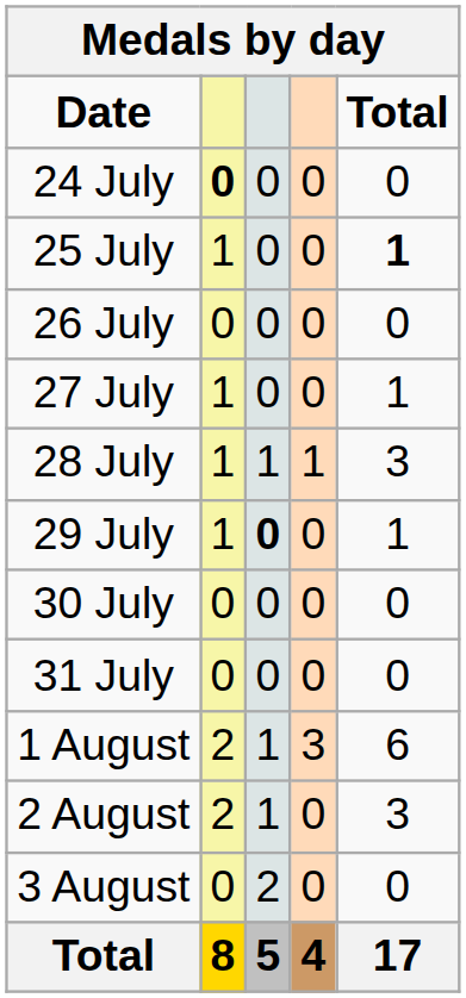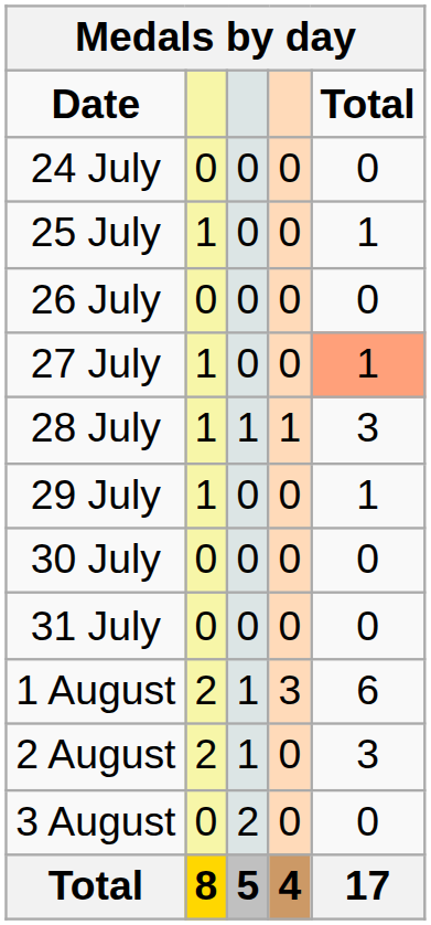 <table class="wikitable" style="font-size:100%; float:right">
 <tr align=center>
 <th colspan=7>Medals by day</th>
 </tr>
 <tr align=center>
 <td><strong>Date</strong></td>
 <td bgcolor=#f7f6a8></td>
 <td bgcolor=#dce5e5></td>
 <td bgcolor=#ffdab9></td>
 <td><strong>Total</strong></td>
 </tr>
 <tr align=center>
 <td>24 July</td>
-<td style="background:#f7f6a8;"><strong>0</strong></td>
+<td style="background:#f7f6a8;">0</td>
 <td style="background:#dce5e5;">0</td>
 <td style="background:#ffdab9;">0</td>
 <td>0</td>
 </tr>
 <tr align=center>
 <td>25 July</td>
 <td style="background:#f7f6a8;">1</td>
 <td style="background:#dce5e5;">0</td>
 <td style="background:#ffdab9;">0</td>
-<td><strong>1</strong></td>
+<td>1</td>
 </tr>
 <tr align=center>
 <td>26 July</td>
 <td style="background:#f7f6a8;">0</td>
 <td style="background:#dce5e5;">0</td>
 <td style="background:#ffdab9;">0</td>
 <td>0</td>
 </tr>
 <tr align=center>
 <td>27 July</td>
 <td style="background:#f7f6a8;">1</td>
 <td style="background:#dce5e5;">0</td>
 <td style="background:#ffdab9;">0</td>
-<td>1</td>
+<td style="background: lightsalmon;">1</td>
 </tr>
 <tr align=center>
 <td>28 July</td>
 <td style="background:#f7f6a8;">1</td>
 <td style="background:#dce5e5;">1</td>
 <td style="background:#ffdab9;">1</td>
 <td>3</td>
 </tr>
 <tr align=center>
 <td>29 July</td>
 <td style="background:#f7f6a8;">1</td>
-<td style="background:#dce5e5;"><strong>0</strong></td>
+<td style="background:#dce5e5;">0</td>
 <td style="background:#ffdab9;">0</td>
 <td>1</td>
 </tr>
 <tr align=center>
 <td>30 July</td>
 <td style="background:#f7f6a8;">0</td>
 <td style="background:#dce5e5;">0</td>
 <td style="background:#ffdab9;">0</td>
 <td>0</td>
 </tr>
 <tr align=center>
 <td>31 July</td>
 <td style="background:#f7f6a8;">0</td>
 <td style="background:#dce5e5;">0</td>
 <td style="background:#ffdab9;">0</td>
 <td>0</td>
 </tr>
 <tr align=center>
 <td>1 August</td>
 <td style="background:#f7f6a8;">2</td>
 <td style="background:#dce5e5;">1</td>
 <td style="background:#ffdab9;">3</td>
 <td>6</td>
 </tr>
 <tr align=center>
 <td>2 August</td>
 <td style="background:#f7f6a8;">2</td>
 <td style="background:#dce5e5;">1</td>
 <td style="background:#ffdab9;">0</td>
 <td>3</td>
 </tr>
 <tr align=center>
 <td>3 August</td>
 <td style="background:#f7f6a8;">0</td>
 <td style="background:#dce5e5;">2</td>
 <td style="background:#ffdab9;">0</td>
 <td>0</td>
 </tr>
 <tr align=center>
 <th>Total</th>
 <th style="background:gold;">8</th>
 <th style="background:silver;">5</th>
 <th style="background:#c96;">4</th>
 <th>17</th>
 </tr>
 </table>
